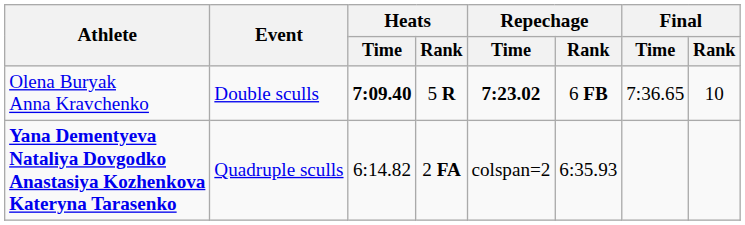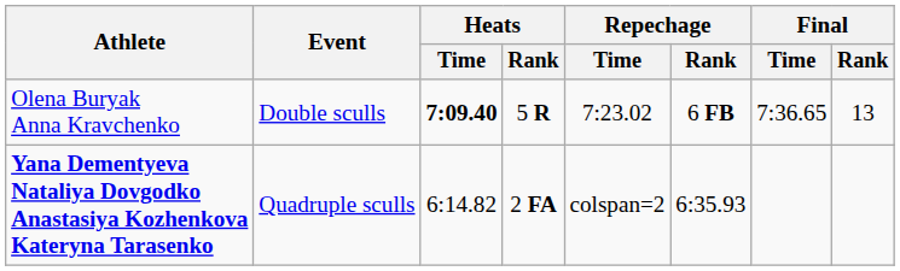 <table class="wikitable" style="font-size:90%">
 <tr>
 <th rowspan="2">Athlete</th>
 <th rowspan="2">Event</th>
 <th colspan="2">Heats</th>
 <th colspan="2">Repechage</th>
 <th colspan="2">Final</th>
 </tr>
 <tr style="font-size:95%">
 <th>Time</th>
 <th>Rank</th>
 <th>Time</th>
 <th>Rank</th>
 <th>Time</th>
 <th>Rank</th>
 </tr>
 <tr align=center>
 <td align=left><a href='#'>Olena Buryak</a><br><a href='#'>Anna Kravchenko</a></td>
 <td align=left><a href='#'>Double sculls</a></td>
 <td><strong>7:09.40</strong></td>
 <td>5 <strong>R</strong></td>
-<td><strong>7:23.02</strong></td>
+<td>7:23.02</td>
 <td>6 <strong>FB</strong></td>
 <td>7:36.65</td>
-<td>10</td>
+<td>13</td>
 </tr>
 <tr align=center>
 <td align=left><strong><a href='#'>Yana Dementyeva</a><br><a href='#'>Nataliya Dovgodko</a><br><a href='#'>Anastasiya Kozhenkova</a><br><a href='#'>Kateryna Tarasenko</a></strong></td>
 <td align=left><a href='#'>Quadruple sculls</a></td>
 <td>6:14.82</td>
 <td>2 <strong>FA</strong></td>
 <td>colspan=2 </td>
 <td>6:35.93</td>
 <td></td>
 </tr>
 </table>
